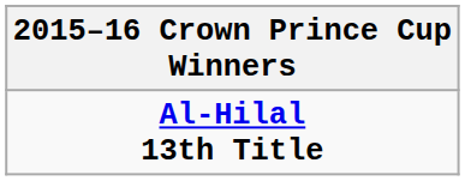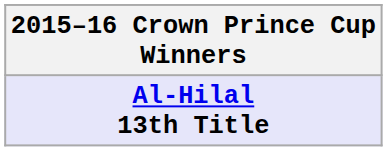 <table class="wikitable" style="text-align: center; margin: 0 auto;">
 <tr>
 <th>2015–16 Crown Prince Cup <br>Winners</th>
 </tr>
 <tr>
-<td><strong><a href='#'>Al-Hilal</a></strong><br><strong>13th Title</strong></td>
+<td style="background: lavender;"><strong><a href='#'>Al-Hilal</a></strong><br><strong>13th Title</strong></td>
 </tr>
 </table>
